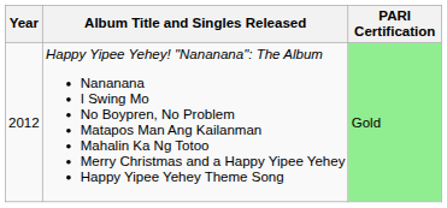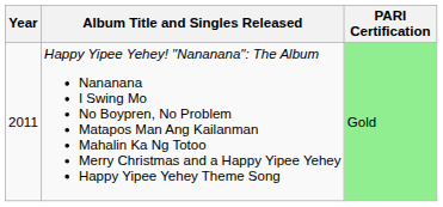 <table class=wikitable>
 <tr>
 <th>Year</th>
 <th>Album Title and Singles Released</th>
 <th width=100>PARI Certification</th>
 </tr>
 <tr>
-<td>2012</td>
+<td>2011</td>
 <td><em>Happy Yipee Yehey! "Nananana": The Album</em><br><ul><li>Nananana</li><li>I Swing Mo</li><li>No Boypren, No Problem</li><li>Matapos Man Ang Kailanman</li><li>Mahalin Ka Ng Totoo</li><li>Merry Christmas and a Happy Yipee Yehey</li><li>Happy Yipee Yehey Theme Song</li></ul></td>
 <td style="background: lightgreen;">Gold</td>
 </tr>
 </table>
